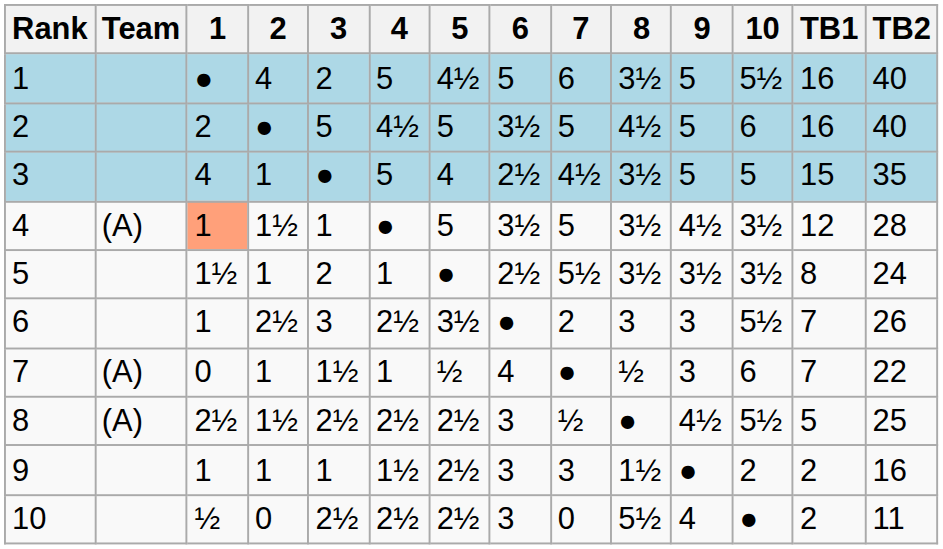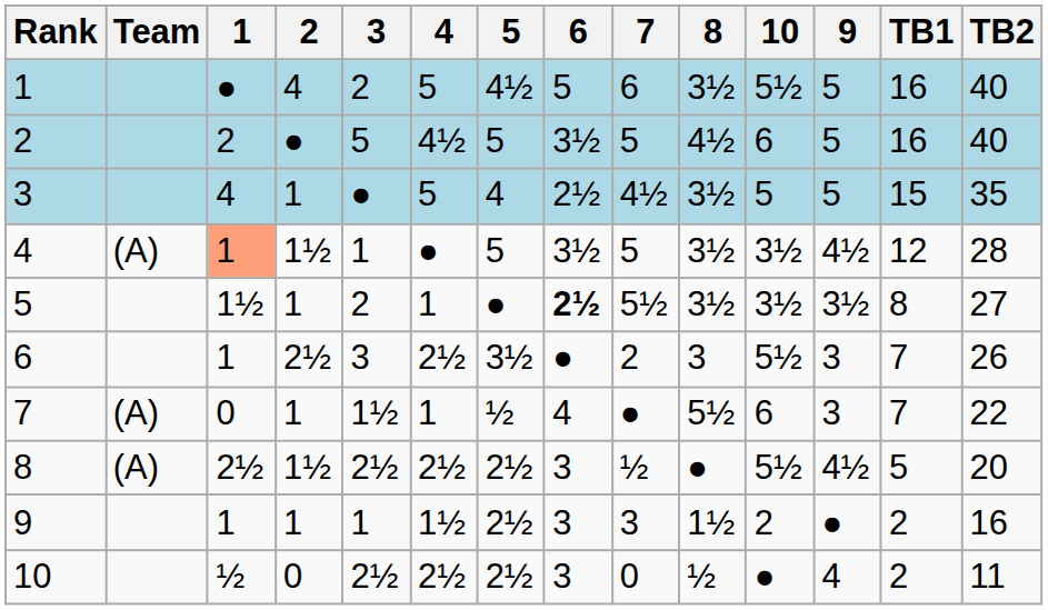 <table class="wikitable">
 <tr>
 <th>Rank</th>
 <th>Team</th>
 <th style="width:1.5em;">1</th>
 <th style="width:1.5em;">2</th>
 <th style="width:1.5em;">3</th>
 <th style="width:1.5em;">4</th>
 <th style="width:1.5em;">5</th>
 <th style="width:1.5em;">6</th>
 <th style="width:1.5em;">7</th>
 <th style="width:1.5em;">8</th>
+<th style="width:1.5em;">10</th>
 <th style="width:1.5em;">9</th>
-<th style="width:1.5em;">10</th>
 <th>TB1</th>
 <th>TB2</th>
 </tr>
 <tr style="background:lightblue">
 <td>1</td>
 <td></td>
 <td>●</td>
 <td>4</td>
 <td>2</td>
 <td>5</td>
 <td>4½</td>
 <td>5</td>
 <td>6</td>
 <td>3½</td>
+<td>5½</td>
 <td>5</td>
-<td>5½</td>
 <td>16</td>
 <td>40</td>
 </tr>
 <tr style="background:lightblue">
 <td>2</td>
 <td></td>
 <td>2</td>
 <td>●</td>
 <td>5</td>
 <td>4½</td>
 <td>5</td>
 <td>3½</td>
 <td>5</td>
 <td>4½</td>
+<td>6</td>
 <td>5</td>
-<td>6</td>
 <td>16</td>
 <td>40</td>
 </tr>
 <tr style="background:lightblue">
 <td>3</td>
 <td></td>
 <td>4</td>
 <td>1</td>
 <td>●</td>
 <td>5</td>
 <td>4</td>
 <td>2½</td>
 <td>4½</td>
 <td>3½</td>
 <td>5</td>
 <td>5</td>
 <td>15</td>
 <td>35</td>
 </tr>
 <tr>
 <td>4</td>
 <td> (A)</td>
 <td style="background: lightsalmon;">1</td>
 <td>1½</td>
 <td>1</td>
 <td>●</td>
 <td>5</td>
 <td>3½</td>
 <td>5</td>
 <td>3½</td>
+<td>3½</td>
 <td>4½</td>
-<td>3½</td>
 <td>12</td>
 <td>28</td>
 </tr>
 <tr>
 <td>5</td>
 <td></td>
 <td>1½</td>
 <td>1</td>
 <td>2</td>
 <td>1</td>
 <td>●</td>
-<td>2½</td>
+<td><strong>2½</strong></td>
 <td>5½</td>
 <td>3½</td>
 <td>3½</td>
 <td>3½</td>
 <td>8</td>
-<td>24</td>
+<td>27</td>
 </tr>
 <tr>
 <td>6</td>
 <td></td>
 <td>1</td>
 <td>2½</td>
 <td>3</td>
 <td>2½</td>
 <td>3½</td>
 <td>●</td>
 <td>2</td>
 <td>3</td>
+<td>5½</td>
 <td>3</td>
-<td>5½</td>
 <td>7</td>
 <td>26</td>
 </tr>
 <tr>
 <td>7</td>
 <td> (A)</td>
 <td>0</td>
 <td>1</td>
 <td>1½</td>
 <td>1</td>
 <td>½</td>
 <td>4</td>
 <td>●</td>
-<td>½</td>
+<td>5½</td>
+<td>6</td>
 <td>3</td>
-<td>6</td>
 <td>7</td>
 <td>22</td>
 </tr>
 <tr>
 <td>8</td>
 <td> (A)</td>
 <td>2½</td>
 <td>1½</td>
 <td>2½</td>
 <td>2½</td>
 <td>2½</td>
 <td>3</td>
 <td>½</td>
 <td>●</td>
+<td>5½</td>
 <td>4½</td>
-<td>5½</td>
 <td>5</td>
-<td>25</td>
+<td>20</td>
 </tr>
 <tr>
 <td>9</td>
 <td></td>
 <td>1</td>
 <td>1</td>
 <td>1</td>
 <td>1½</td>
 <td>2½</td>
 <td>3</td>
 <td>3</td>
 <td>1½</td>
+<td>2</td>
 <td>●</td>
-<td>2</td>
 <td>2</td>
 <td>16</td>
 </tr>
 <tr>
 <td>10</td>
 <td></td>
 <td>½</td>
 <td>0</td>
 <td>2½</td>
 <td>2½</td>
 <td>2½</td>
 <td>3</td>
 <td>0</td>
-<td>5½</td>
+<td>½</td>
+<td>●</td>
 <td>4</td>
-<td>●</td>
 <td>2</td>
 <td>11</td>
 </tr>
 </table>
